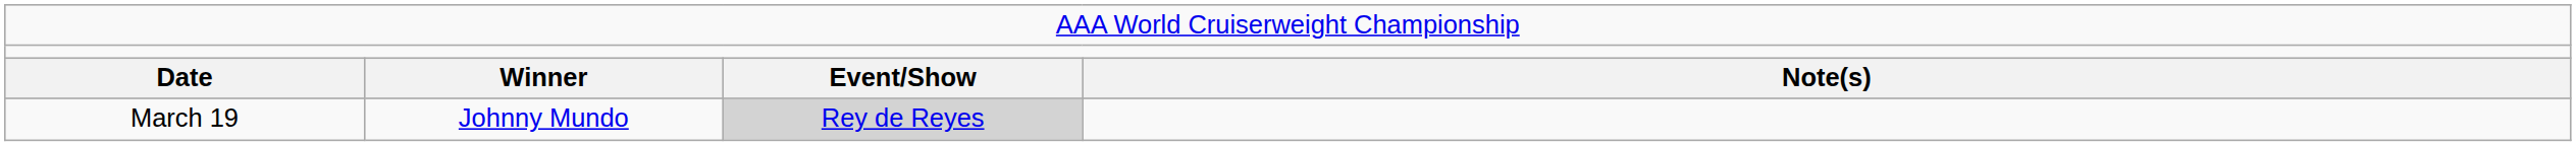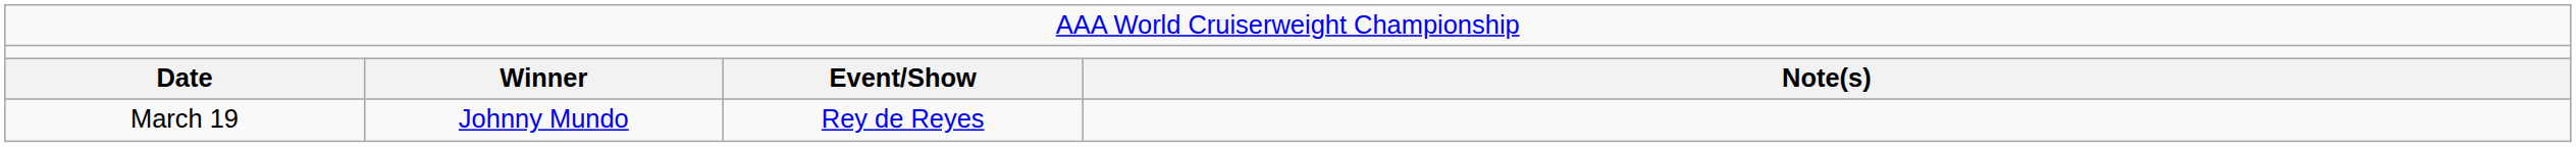 <table class="wikitable" style="text-align:center; width:100%;">
 <tr>
 <td colspan="5"><a href='#'>AAA World Cruiserweight Championship</a></td>
 </tr>
 <tr>
 <td colspan="5"><strong></strong></td>
 </tr>
 <tr>
 <th width="14%">Date</th>
 <th width="14%">Winner</th>
 <th width="14%">Event/Show</th>
 <th width="58%">Note(s)</th>
 </tr>
 <tr>
 <td>March 19</td>
 <td><a href='#'>Johnny Mundo</a></td>
-<td style="background: lightgrey;"><a href='#'>Rey de Reyes</a></td>
+<td><a href='#'>Rey de Reyes</a></td>
 <td align="left"></td>
 </tr>
 </table>
